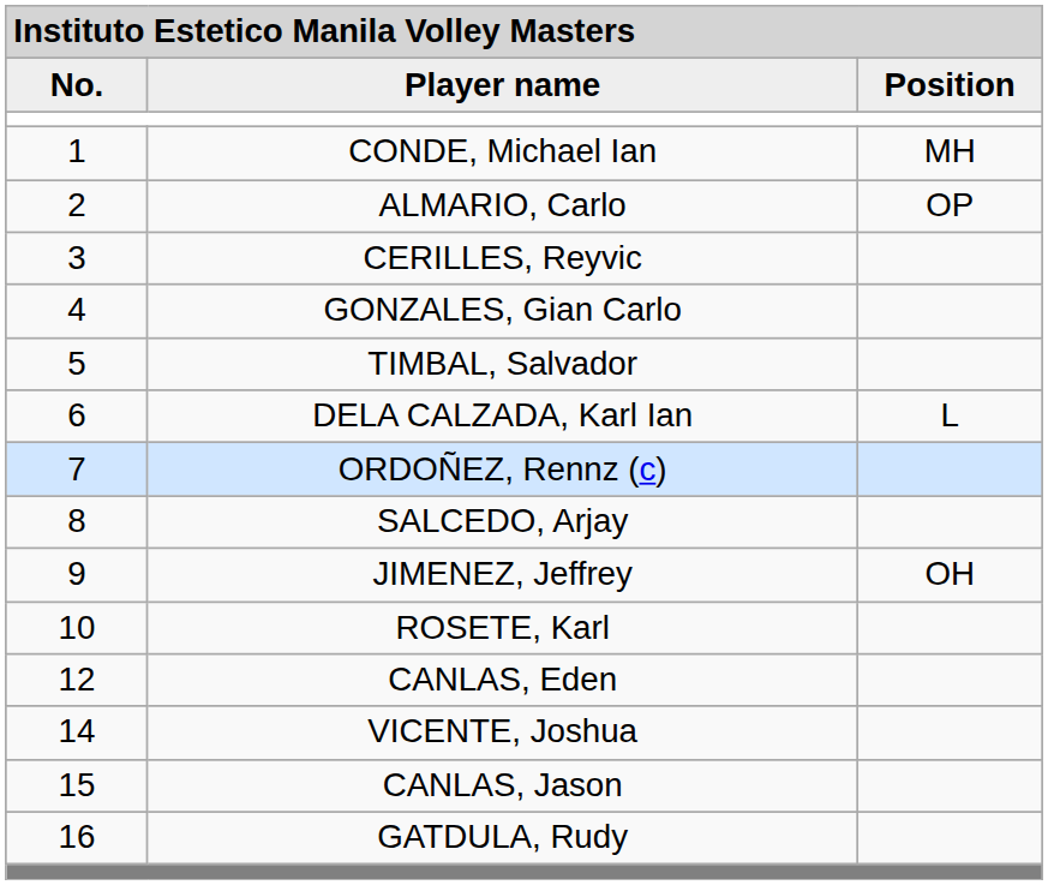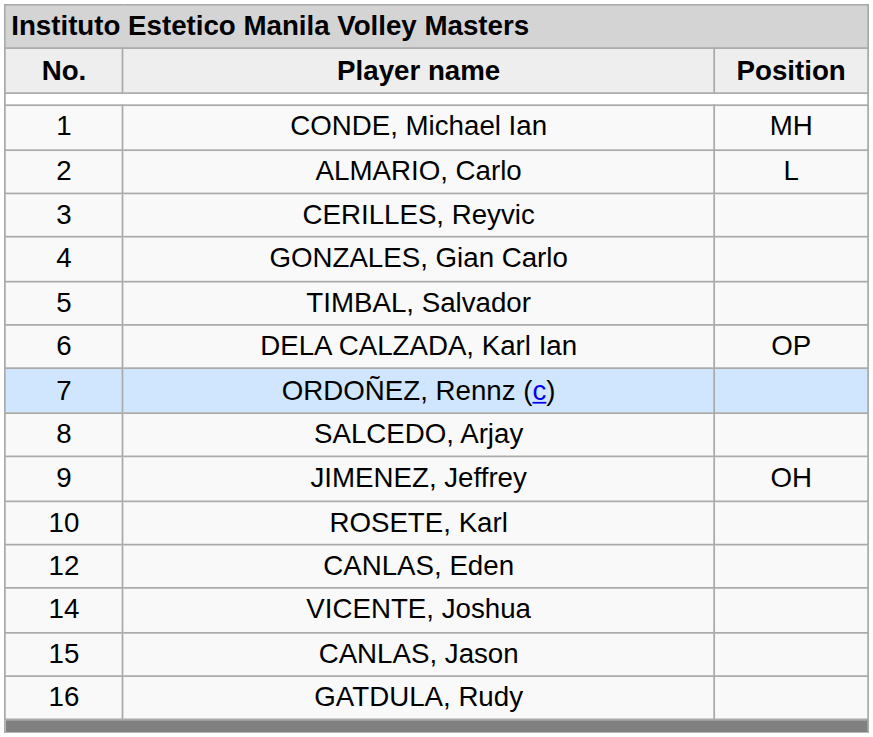 <table class='wikitable mw-collapsible mw-collapsed' style='text-align: center; width: 500px; border: none;'>
 <tr>
 <th style="background:#D4D4D4; text-align:left;" colspan=3> Instituto Estetico Manila Volley Masters</th>
 </tr>
 <tr style="background:#EEEEEE; font-weight:bold;">
 <td width=10%>No.</td>
 <td width=50%>Player name</td>
 <td width=10%>Position</td>
 </tr>
 <tr style="background:#FFFFFF;">
 <td colspan=3 align=center></td>
 </tr>
 <tr>
 <td align=center>1</td>
 <td>CONDE, Michael Ian</td>
 <td align=center>MH</td>
 </tr>
 <tr>
 <td align=center>2</td>
 <td>ALMARIO, Carlo</td>
-<td align=center>OP</td>
+<td align=center>L</td>
 </tr>
 <tr>
 <td align=center>3</td>
 <td>CERILLES, Reyvic</td>
 <td align=center></td>
 </tr>
 <tr>
 <td align=center>4</td>
 <td>GONZALES, Gian Carlo</td>
 <td align=center></td>
 </tr>
 <tr>
 <td align=center>5</td>
 <td>TIMBAL, Salvador</td>
 <td align=center></td>
 </tr>
 <tr>
 <td align=center>6</td>
 <td>DELA CALZADA, Karl Ian</td>
-<td align=center>L</td>
+<td align=center>OP</td>
 </tr>
 <tr bgcolor=#D0E6FF>
 <td align=center>7</td>
 <td>ORDOÑEZ, Rennz (<a href='#'>c</a>)</td>
 <td align=center></td>
 </tr>
 <tr>
 <td align=center>8</td>
 <td>SALCEDO, Arjay</td>
 <td align=center></td>
 </tr>
 <tr>
 <td align=center>9</td>
 <td>JIMENEZ, Jeffrey</td>
 <td align=center>OH</td>
 </tr>
 <tr>
 <td align=center>10</td>
 <td>ROSETE, Karl</td>
 <td align=center></td>
 </tr>
 <tr>
 <td align=center>12</td>
 <td>CANLAS, Eden</td>
 <td align=center></td>
 </tr>
 <tr>
 <td align=center>14</td>
 <td>VICENTE, Joshua</td>
 <td align=center></td>
 </tr>
 <tr>
 <td align=center>15</td>
 <td>CANLAS, Jason</td>
 <td align=center></td>
 </tr>
 <tr>
 <td align=center>16</td>
 <td>GATDULA, Rudy</td>
 <td align=center></td>
 </tr>
 <tr>
 <th style="background:gray;" colspan=3></th>
 </tr>
 <tr>
 </tr>
 </table>
